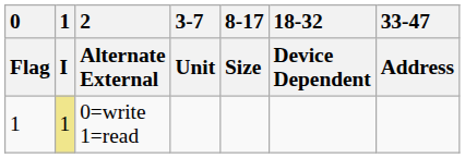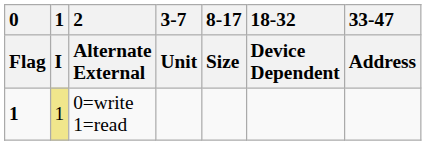 <table class="wikitable">
 <tr>
 <th scope="col" style="text-align: left;">0</th>
 <th scope="col" style="text-align: left;">1</th>
 <th scope="col" style="text-align: left;">2</th>
 <th scope="col" style="text-align: left;">3-7</th>
 <th scope="col" style="text-align: left;">8-17</th>
 <th scope="col" style="text-align: left;">18-32</th>
 <th scope="col" style="text-align: left;">33-47</th>
 </tr>
 <tr>
 <th scope="col" style="text-align: left;">Flag</th>
 <th scope="col" style="text-align: left;">I</th>
 <th scope="col" style="text-align: left;">Alternate<br>External</th>
 <th scope="col" style="text-align: left;">Unit</th>
 <th scope="col" style="text-align: left;">Size</th>
 <th scope="col" style="text-align: left;">Device<br>Dependent</th>
 <th scope="col" style="text-align: left;">Address</th>
 </tr>
 <tr>
-<td scope="col" style="text-align: left;">1</td>
+<td scope="col" style="text-align: left;"><strong>1</strong></td>
 <td scope="col" style="background: khaki; text-align: left;">1</td>
 <td scope="col" style="text-align: left;">0=write<br>1=read</td>
 <td scope="col" style="text-align: left;"></td>
 <td scope="col" style="text-align: left;"></td>
 <td scope="col" style="text-align: left;"></td>
 </tr>
 </table>
